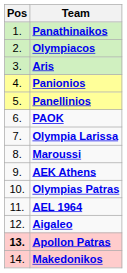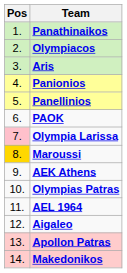 <table class="wikitable" style="text-align: center; font-size:95%">
 <tr>
 <th>Pos</th>
 <th>Team</th>
 </tr>
 <tr bgcolor="D0F0C0">
 <td>1.</td>
 <td align="left"><strong><a href='#'>Panathinaikos</a></strong></td>
 </tr>
 <tr bgcolor="D0F0C0">
 <td>2.</td>
 <td align="left"><strong><a href='#'>Olympiacos</a></strong></td>
 </tr>
 <tr bgcolor="D0F0C0">
 <td>3.</td>
 <td align="left"><strong><a href='#'>Aris</a></strong></td>
 </tr>
 <tr bgcolor="FFFF99">
 <td>4.</td>
 <td align="left"><strong><a href='#'>Panionios</a></strong></td>
 </tr>
 <tr bgcolor="FFFF99">
 <td>5.</td>
 <td align="left"><strong><a href='#'>Panellinios</a></strong></td>
 </tr>
 <tr>
 <td>6.</td>
 <td align="left"><strong><a href='#'>PAOK</a></strong></td>
 </tr>
 <tr>
-<td>7.</td>
+<td style="background: pink;">7.</td>
 <td align="left"><strong><a href='#'>Olympia Larissa</a></strong></td>
 </tr>
 <tr>
-<td>8.</td>
+<td style="background: gold;">8.</td>
 <td align="left"><strong><a href='#'>Maroussi</a></strong></td>
 </tr>
 <tr>
 <td>9.</td>
 <td align="left"><strong><a href='#'>AEK Athens</a></strong></td>
 </tr>
 <tr>
 <td>10.</td>
 <td align="left"><strong><a href='#'>Olympias Patras</a></strong></td>
 </tr>
 <tr>
 <td>11.</td>
 <td align="left"><strong><a href='#'>AEL 1964</a></strong></td>
 </tr>
 <tr>
 <td>12.</td>
 <td align="left"><strong><a href='#'>Aigaleo</a></strong></td>
 </tr>
 <tr bgcolor="#FFCCCC">
-<td><strong>13.</strong></td>
+<td>13.</td>
 <td align="left"><strong><a href='#'>Apollon Patras</a></strong></td>
 </tr>
 <tr bgcolor="#FFCCCC">
 <td>14.</td>
 <td align="left"><strong><a href='#'>Makedonikos</a></strong></td>
 </tr>
 </table>
